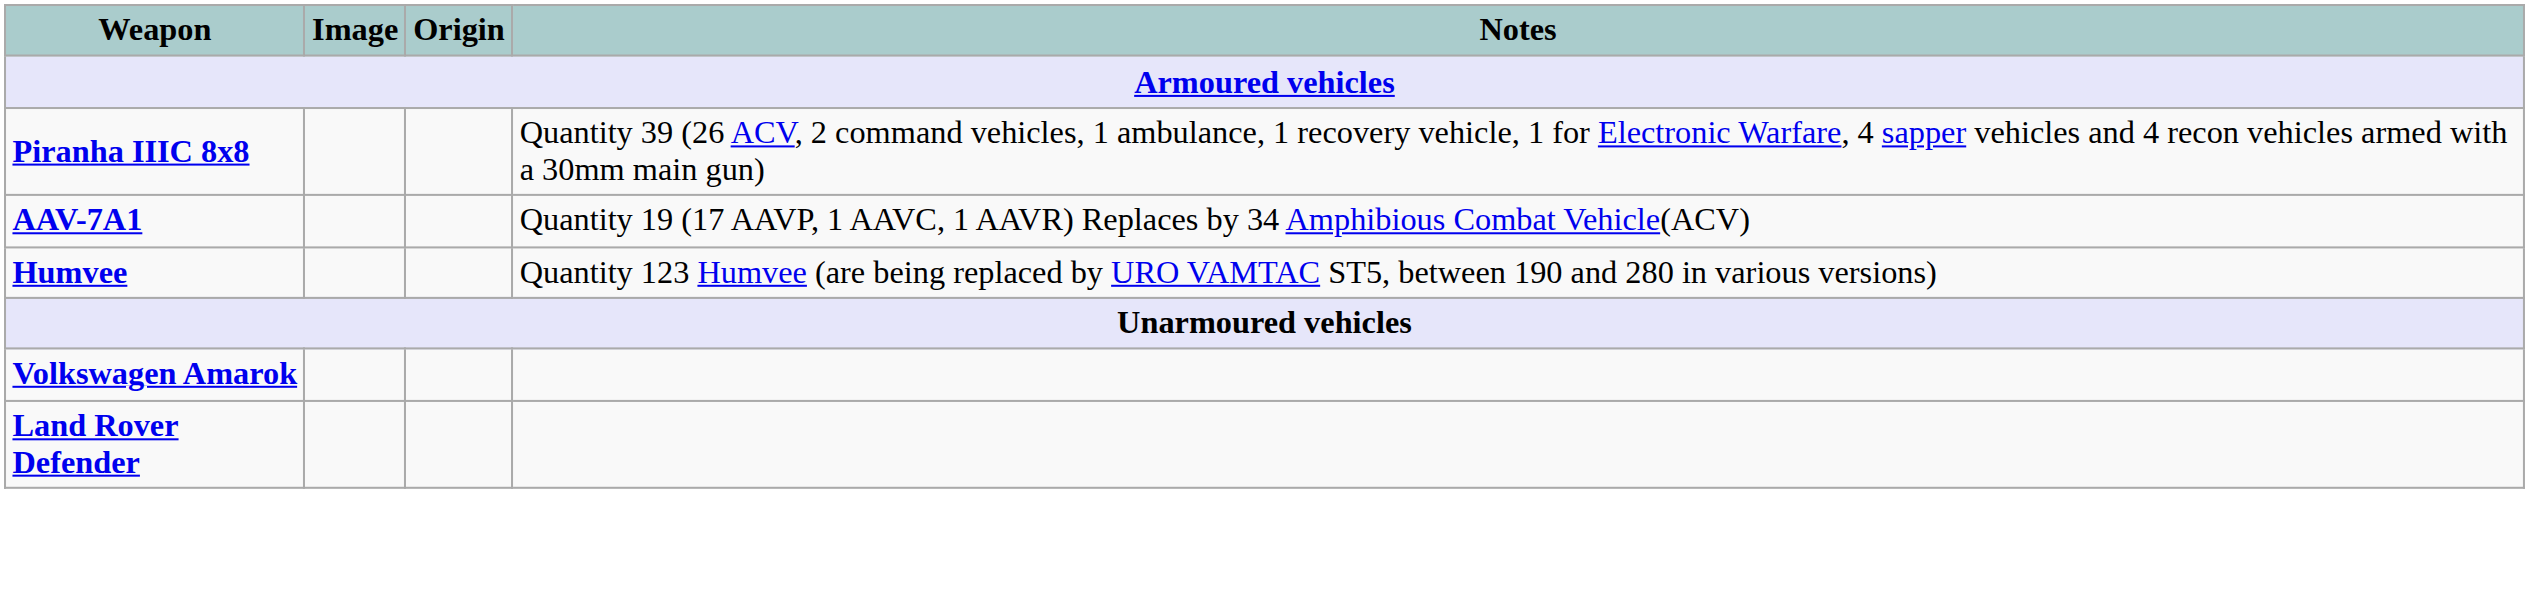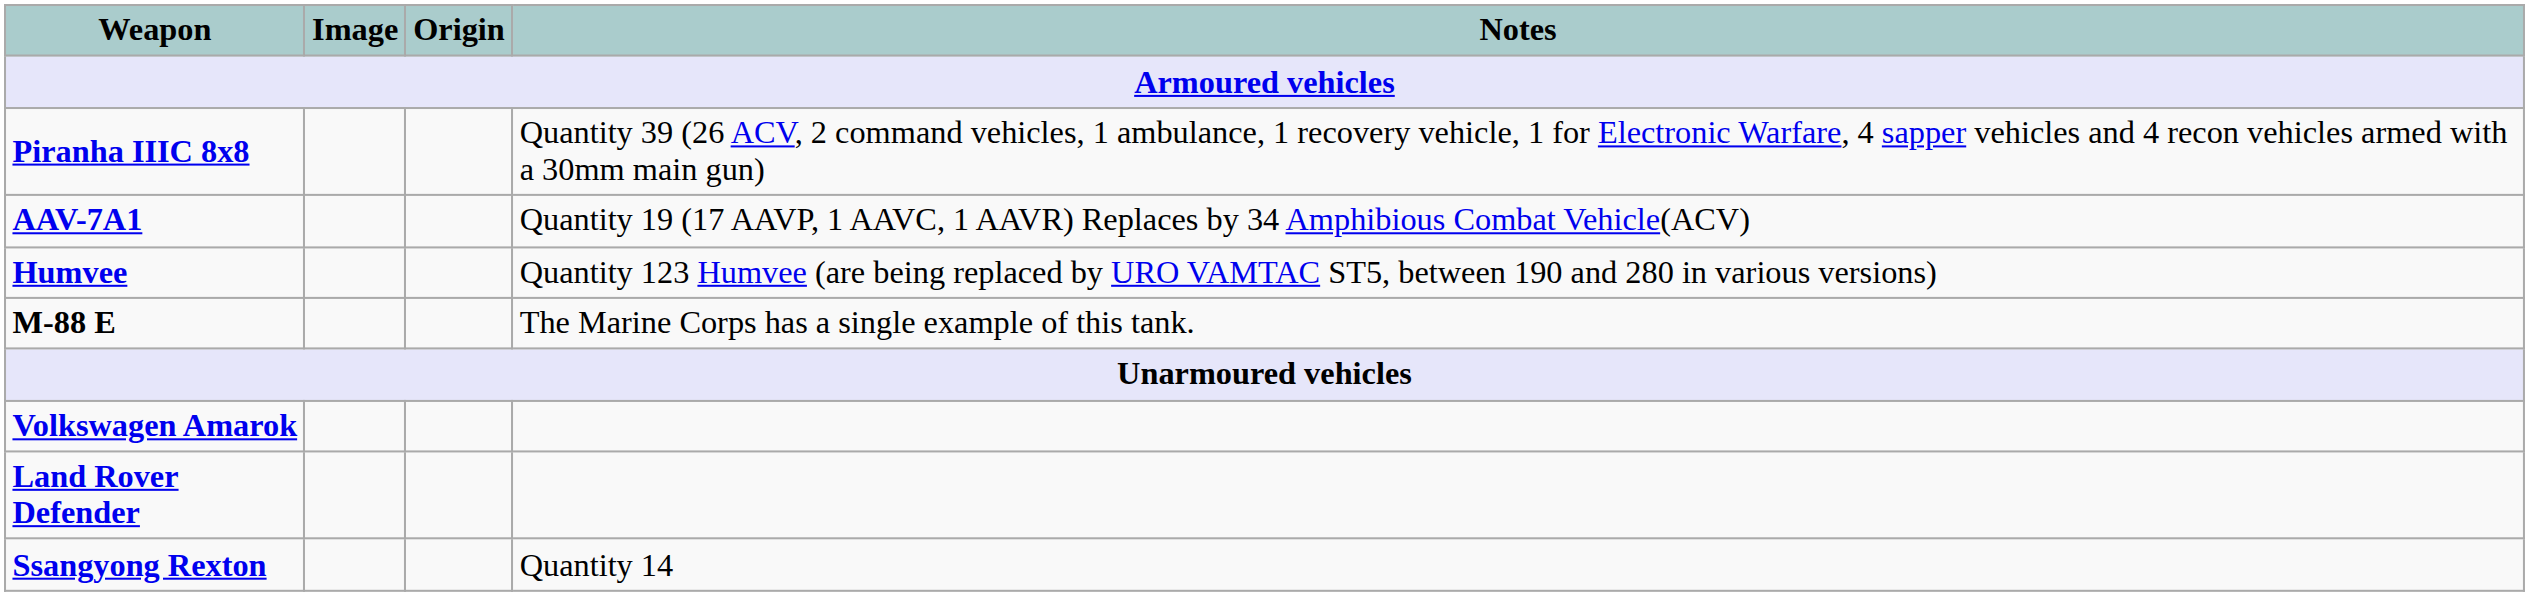 <table class="wikitable">
 <tr>
 <th style="text-align:center; background:#acc;">Weapon</th>
 <th style="text-align: center; background:#acc;">Image</th>
 <th style="text-align: center; background:#acc;">Origin</th>
 <th style="text-align:l center; background:#acc;">Notes</th>
 </tr>
 <tr>
 <th colspan="4" style="align: center; background: lavender;"><a href='#'>Armoured vehicles</a></th>
 </tr>
 <tr>
 <td><strong><a href='#'>Piranha IIIC 8x8</a></strong></td>
 <td><br></td>
 <td></td>
 <td>Quantity 39  (26 <a href='#'>ACV</a>, 2 command vehicles, 1 ambulance, 1 recovery vehicle, 1 for <a href='#'>Electronic Warfare</a>, 4 <a href='#'>sapper</a> vehicles and 4 recon vehicles armed with a 30mm main gun)</td>
 </tr>
 <tr>
 <td><strong><a href='#'>AAV-7A1</a></strong></td>
 <td></td>
 <td></td>
 <td>Quantity 19 (17 AAVP, 1 AAVC, 1 AAVR) Replaces by 34 <a href='#'>Amphibious Combat Vehicle</a>(ACV)</td>
 </tr>
 <tr>
 <td><strong><a href='#'>Humvee</a></strong></td>
 <td></td>
 <td></td>
 <td>Quantity 123 <a href='#'>Humvee</a> (are being replaced by <a href='#'>URO VAMTAC</a> ST5, between 190 and 280 in various versions)</td>
 </tr>
 <tr>
+<td M88 Armored Recovery Vehicle><strong>M-88 E</strong></td>
+<td></td>
+<td></td>
+<td>The Marine Corps has a single example of this tank.</td>
+</tr>
+<tr>
 <th colspan="4" style="align: center; background: lavender;">Unarmoured vehicles</th>
 </tr>
 <tr>
 <td><strong><a href='#'>Volkswagen Amarok</a></strong></td>
 <td></td>
 <td></td>
 <td></td>
 </tr>
 <tr>
 <td><strong><a href='#'>Land Rover Defender</a></strong></td>
 <td></td>
 <td></td>
 <td></td>
 </tr>
+<tr>
+<td><strong><a href='#'>Ssangyong Rexton</a></strong></td>
+<td></td>
+<td></td>
+<td>Quantity 14</td>
+</tr>
 </table>
